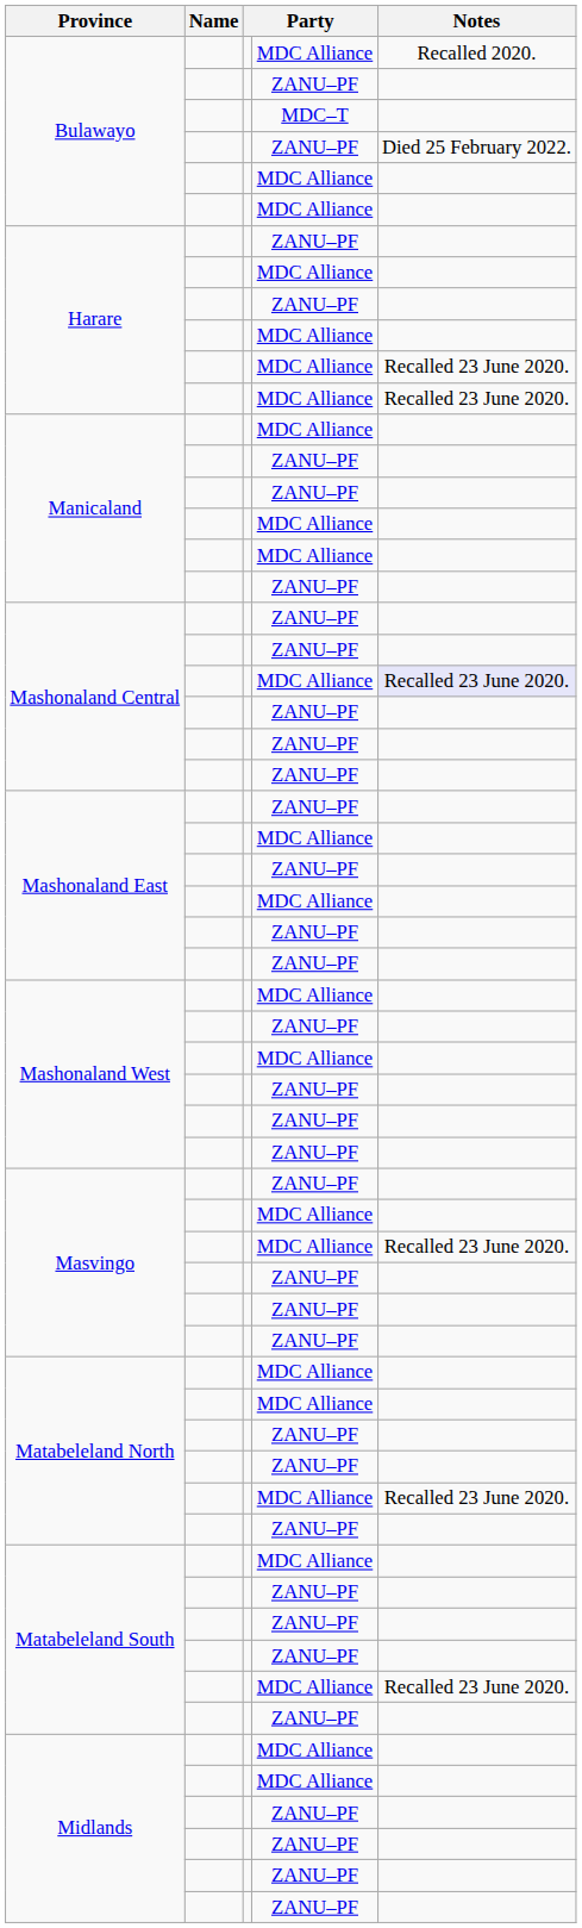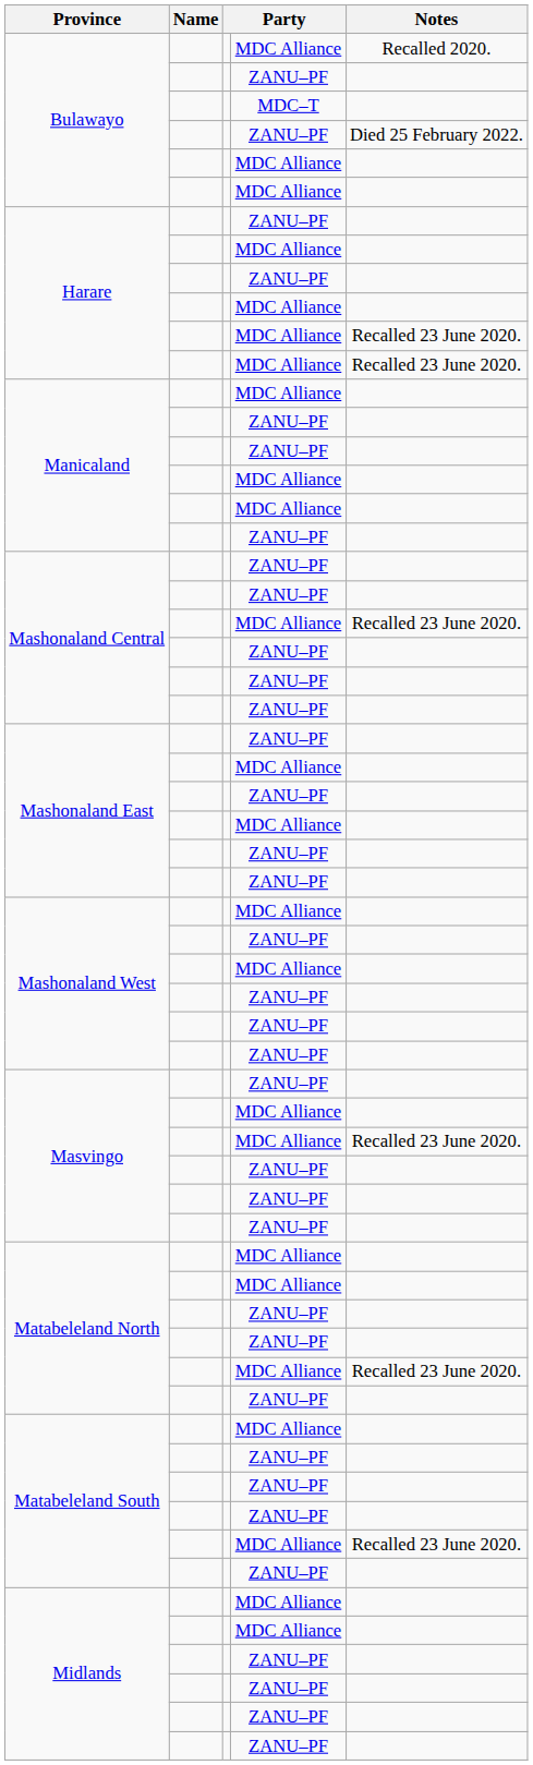 <table class="wikitable" style="text-align:center">
 <tr>
 <th>Province</th>
 <th>Name</th>
 <th colspan="2">Party</th>
 <th>Notes</th>
 </tr>
 <tr>
 <td rowspan="6"><a href='#'>Bulawayo</a></td>
 <td></td>
 <td style="background-color: "></td>
 <td><a href='#'>MDC Alliance</a></td>
 <td>Recalled 2020.</td>
 </tr>
 <tr>
 <td></td>
 <td style="background-color: "></td>
 <td><a href='#'>ZANU–PF</a></td>
 <td></td>
 </tr>
 <tr>
 <td></td>
 <td style="background-color: "></td>
 <td><a href='#'>MDC–T</a></td>
 <td></td>
 </tr>
 <tr>
 <td></td>
 <td style="background-color: "></td>
 <td><a href='#'>ZANU–PF</a></td>
 <td>Died 25 February 2022.</td>
 </tr>
 <tr>
 <td></td>
 <td style="background-color: "></td>
 <td><a href='#'>MDC Alliance</a></td>
 <td></td>
 </tr>
 <tr>
 <td></td>
 <td style="background-color: "></td>
 <td><a href='#'>MDC Alliance</a></td>
 <td></td>
 </tr>
 <tr>
 <td rowspan="6"><a href='#'>Harare</a></td>
 <td></td>
 <td style="background:"></td>
 <td><a href='#'>ZANU–PF</a></td>
 <td></td>
 </tr>
 <tr>
 <td></td>
 <td style="background-color: "></td>
 <td><a href='#'>MDC Alliance</a></td>
 <td></td>
 </tr>
 <tr>
 <td></td>
 <td style="background-color: "></td>
 <td><a href='#'>ZANU–PF</a></td>
 <td></td>
 </tr>
 <tr>
 <td></td>
 <td style="background-color: "></td>
 <td><a href='#'>MDC Alliance</a></td>
 <td></td>
 </tr>
 <tr>
 <td></td>
 <td style="background-color: "></td>
 <td><a href='#'>MDC Alliance</a></td>
 <td>Recalled 23 June 2020.</td>
 </tr>
 <tr>
 <td></td>
 <td style="background-color: "></td>
 <td><a href='#'>MDC Alliance</a></td>
 <td>Recalled 23 June 2020.</td>
 </tr>
 <tr>
 <td rowspan="6"><a href='#'>Manicaland</a></td>
 <td></td>
 <td style="background-color: "></td>
 <td><a href='#'>MDC Alliance</a></td>
 <td></td>
 </tr>
 <tr>
 <td></td>
 <td style="background-color: "></td>
 <td><a href='#'>ZANU–PF</a></td>
 <td></td>
 </tr>
 <tr>
 <td></td>
 <td style="background-color: "></td>
 <td><a href='#'>ZANU–PF</a></td>
 <td></td>
 </tr>
 <tr>
 <td></td>
 <td style="background-color: "></td>
 <td><a href='#'>MDC Alliance</a></td>
 <td></td>
 </tr>
 <tr>
 <td></td>
 <td style="background-color: "></td>
 <td><a href='#'>MDC Alliance</a></td>
 <td></td>
 </tr>
 <tr>
 <td></td>
 <td style="background-color: "></td>
 <td><a href='#'>ZANU–PF</a></td>
 <td></td>
 </tr>
 <tr>
 <td rowspan="6"><a href='#'>Mashonaland Central</a></td>
 <td></td>
 <td style="background-color: "></td>
 <td><a href='#'>ZANU–PF</a></td>
 <td></td>
 </tr>
 <tr>
 <td></td>
 <td style="background-color: "></td>
 <td><a href='#'>ZANU–PF</a></td>
 <td></td>
 </tr>
 <tr>
 <td></td>
 <td style="background-color: "></td>
 <td><a href='#'>MDC Alliance</a></td>
-<td style="background: lavender;">Recalled 23 June 2020.</td>
+<td>Recalled 23 June 2020.</td>
 </tr>
 <tr>
 <td></td>
 <td style="background-color: "></td>
 <td><a href='#'>ZANU–PF</a></td>
 <td></td>
 </tr>
 <tr>
 <td></td>
 <td style="background-color: "></td>
 <td><a href='#'>ZANU–PF</a></td>
 <td></td>
 </tr>
 <tr>
 <td></td>
 <td style="background-color: "></td>
 <td><a href='#'>ZANU–PF</a></td>
 <td></td>
 </tr>
 <tr>
 <td rowspan="6"><a href='#'>Mashonaland East</a></td>
 <td></td>
 <td style="background-color: "></td>
 <td><a href='#'>ZANU–PF</a></td>
 <td></td>
 </tr>
 <tr>
 <td></td>
 <td style="background-color: "></td>
 <td><a href='#'>MDC Alliance</a></td>
 <td></td>
 </tr>
 <tr>
 <td></td>
 <td style="background-color: "></td>
 <td><a href='#'>ZANU–PF</a></td>
 <td></td>
 </tr>
 <tr>
 <td></td>
 <td style="background-color: "></td>
 <td><a href='#'>MDC Alliance</a></td>
 <td></td>
 </tr>
 <tr>
 <td></td>
 <td style="background-color: "></td>
 <td><a href='#'>ZANU–PF</a></td>
 <td></td>
 </tr>
 <tr>
 <td></td>
 <td style="background-color: "></td>
 <td><a href='#'>ZANU–PF</a></td>
 <td></td>
 </tr>
 <tr>
 <td rowspan="6"><a href='#'>Mashonaland West</a></td>
 <td></td>
 <td style="background-color: "></td>
 <td><a href='#'>MDC Alliance</a></td>
 <td></td>
 </tr>
 <tr>
 <td></td>
 <td style="background-color: "></td>
 <td><a href='#'>ZANU–PF</a></td>
 <td></td>
 </tr>
 <tr>
 <td></td>
 <td style="background-color: "></td>
 <td><a href='#'>MDC Alliance</a></td>
 <td></td>
 </tr>
 <tr>
 <td></td>
 <td style="background-color: "></td>
 <td><a href='#'>ZANU–PF</a></td>
 <td></td>
 </tr>
 <tr>
 <td></td>
 <td style="background-color: "></td>
 <td><a href='#'>ZANU–PF</a></td>
 <td></td>
 </tr>
 <tr>
 <td></td>
 <td style="background-color: "></td>
 <td><a href='#'>ZANU–PF</a></td>
 <td></td>
 </tr>
 <tr>
 <td rowspan="6"><a href='#'>Masvingo</a></td>
 <td></td>
 <td style="background-color: "></td>
 <td><a href='#'>ZANU–PF</a></td>
 <td></td>
 </tr>
 <tr>
 <td></td>
 <td style="background-color: "></td>
 <td><a href='#'>MDC Alliance</a></td>
 <td></td>
 </tr>
 <tr>
 <td></td>
 <td style="background-color: "></td>
 <td><a href='#'>MDC Alliance</a></td>
 <td>Recalled 23 June 2020.</td>
 </tr>
 <tr>
 <td></td>
 <td style="background-color: "></td>
 <td><a href='#'>ZANU–PF</a></td>
 <td></td>
 </tr>
 <tr>
 <td></td>
 <td style="background-color: "></td>
 <td><a href='#'>ZANU–PF</a></td>
 <td></td>
 </tr>
 <tr>
 <td></td>
 <td style="background-color: "></td>
 <td><a href='#'>ZANU–PF</a></td>
 <td></td>
 </tr>
 <tr>
 <td rowspan="6"><a href='#'>Matabeleland North</a></td>
 <td></td>
 <td style="background-color: "></td>
 <td><a href='#'>MDC Alliance</a></td>
 <td></td>
 </tr>
 <tr>
 <td></td>
 <td style="background-color: "></td>
 <td><a href='#'>MDC Alliance</a></td>
 <td></td>
 </tr>
 <tr>
 <td></td>
 <td style="background-color: "></td>
 <td><a href='#'>ZANU–PF</a></td>
 <td></td>
 </tr>
 <tr>
 <td></td>
 <td style="background-color: "></td>
 <td><a href='#'>ZANU–PF</a></td>
 <td></td>
 </tr>
 <tr>
 <td></td>
 <td style="background-color: "></td>
 <td><a href='#'>MDC Alliance</a></td>
 <td>Recalled 23 June 2020.</td>
 </tr>
 <tr>
 <td></td>
 <td style="background-color: "></td>
 <td><a href='#'>ZANU–PF</a></td>
 <td></td>
 </tr>
 <tr>
 <td rowspan="6"><a href='#'>Matabeleland South</a></td>
 <td></td>
 <td style="background-color: "></td>
 <td><a href='#'>MDC Alliance</a></td>
 <td></td>
 </tr>
 <tr>
 <td></td>
 <td style="background-color: "></td>
 <td><a href='#'>ZANU–PF</a></td>
 <td></td>
 </tr>
 <tr>
 <td></td>
 <td style="background-color: "></td>
 <td><a href='#'>ZANU–PF</a></td>
 <td></td>
 </tr>
 <tr>
 <td></td>
 <td style="background-color: "></td>
 <td><a href='#'>ZANU–PF</a></td>
 <td></td>
 </tr>
 <tr>
 <td></td>
 <td style="background-color: "></td>
 <td><a href='#'>MDC Alliance</a></td>
 <td>Recalled 23 June 2020.</td>
 </tr>
 <tr>
 <td></td>
 <td style="background-color: "></td>
 <td><a href='#'>ZANU–PF</a></td>
 <td></td>
 </tr>
 <tr>
 <td rowspan="6"><a href='#'>Midlands</a></td>
 <td></td>
 <td style="background-color: "></td>
 <td><a href='#'>MDC Alliance</a></td>
 <td></td>
 </tr>
 <tr>
 <td></td>
 <td style="background-color: "></td>
 <td><a href='#'>MDC Alliance</a></td>
 <td></td>
 </tr>
 <tr>
 <td></td>
 <td style="background-color: "></td>
 <td><a href='#'>ZANU–PF</a></td>
 <td></td>
 </tr>
 <tr>
 <td></td>
 <td style="background-color: "></td>
 <td><a href='#'>ZANU–PF</a></td>
 <td></td>
 </tr>
 <tr>
 <td></td>
 <td style="background-color: "></td>
 <td><a href='#'>ZANU–PF</a></td>
 <td></td>
 </tr>
 <tr>
 <td></td>
 <td style="background-color: "></td>
 <td><a href='#'>ZANU–PF</a></td>
 <td></td>
 </tr>
 </table>
